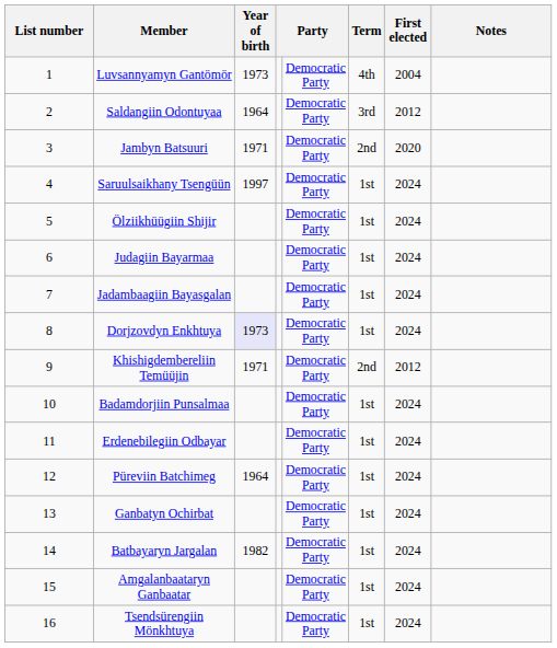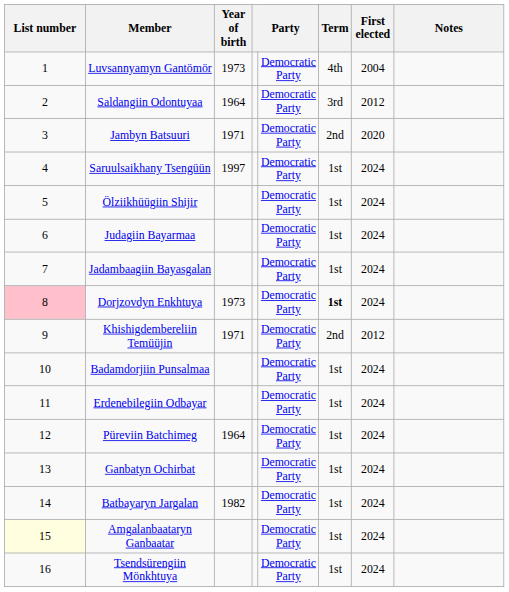 <table class="wikitable sortable" style="font-size:90%; text-align:center">
 <tr>
 <th scope="col" style="width:150px;">List number</th>
 <th scope="col" style="width:200px;">Member</th>
 <th scope="col" style="width:50px;">Year of birth</th>
 <th colspan="2" scope="col" style="width:200px;">Party</th>
 <th scope="col" style="width:20px;">Term</th>
 <th scope="col" style="width:50px;">First elected</th>
 <th scope="col" style="width:250px;" class="unsortable">Notes</th>
 </tr>
 <tr>
 <td>1</td>
 <td><a href='#'>Luvsannyamyn Gantömör</a></td>
 <td>1973</td>
 <td scope="row" width="1" style="background-color:"></td>
 <td><a href='#'>Democratic Party</a></td>
 <td>4th</td>
 <td>2004</td>
 <td></td>
 </tr>
 <tr>
 <td>2</td>
 <td><a href='#'>Saldangiin Odontuyaa</a></td>
 <td>1964</td>
 <td scope="row" width="1" style="background-color:"></td>
 <td><a href='#'>Democratic Party</a></td>
 <td>3rd</td>
 <td>2012</td>
 <td></td>
 </tr>
 <tr>
 <td>3</td>
 <td><a href='#'>Jambyn Batsuuri</a></td>
 <td>1971</td>
 <td scope="row" width="1" style="background-color:"></td>
 <td><a href='#'>Democratic Party</a></td>
 <td>2nd</td>
 <td>2020</td>
 <td></td>
 </tr>
 <tr>
 <td>4</td>
 <td><a href='#'>Saruulsaikhany Tsengüün</a></td>
 <td>1997</td>
 <td scope="row" width="1" style="background-color:"></td>
 <td><a href='#'>Democratic Party</a></td>
 <td>1st</td>
 <td>2024</td>
 <td></td>
 </tr>
 <tr>
 <td>5</td>
 <td><a href='#'>Ölziikhüügiin Shijir</a></td>
 <td></td>
 <td scope="row" width="1" style="background-color:"></td>
 <td><a href='#'>Democratic Party</a></td>
 <td>1st</td>
 <td>2024</td>
 <td></td>
 </tr>
 <tr>
 <td>6</td>
 <td><a href='#'>Judagiin Bayarmaa</a></td>
 <td></td>
 <td scope="row" width="1" style="background-color:"></td>
 <td><a href='#'>Democratic Party</a></td>
 <td>1st</td>
 <td>2024</td>
 <td></td>
 </tr>
 <tr>
 <td>7</td>
 <td><a href='#'>Jadambaagiin Bayasgalan</a></td>
 <td></td>
 <td scope="row" width="1" style="background-color:"></td>
 <td><a href='#'>Democratic Party</a></td>
 <td>1st</td>
 <td>2024</td>
 <td></td>
 </tr>
 <tr>
-<td>8</td>
+<td style="background: pink;">8</td>
 <td><a href='#'>Dorjzovdyn Enkhtuya</a></td>
-<td style="background: lavender;">1973</td>
+<td>1973</td>
 <td scope="row" width="1" style="background-color:"></td>
 <td><a href='#'>Democratic Party</a></td>
-<td>1st</td>
+<td><strong>1st</strong></td>
 <td>2024</td>
 <td></td>
 </tr>
 <tr>
 <td>9</td>
 <td><a href='#'>Khishigdembereliin Temüüjin</a></td>
 <td>1971</td>
 <td scope="row" width="1" style="background-color:"></td>
 <td><a href='#'>Democratic Party</a></td>
 <td>2nd</td>
 <td>2012</td>
 <td></td>
 </tr>
 <tr>
 <td>10</td>
 <td><a href='#'>Badamdorjiin Punsalmaa</a></td>
 <td></td>
 <td scope="row" width="1" style="background-color:"></td>
 <td><a href='#'>Democratic Party</a></td>
 <td>1st</td>
 <td>2024</td>
 <td></td>
 </tr>
 <tr>
 <td>11</td>
 <td><a href='#'>Erdenebilegiin Odbayar</a></td>
 <td></td>
 <td scope="row" width="1" style="background-color:"></td>
 <td><a href='#'>Democratic Party</a></td>
 <td>1st</td>
 <td>2024</td>
 <td></td>
 </tr>
 <tr>
 <td>12</td>
 <td><a href='#'>Püreviin Batchimeg</a></td>
 <td>1964</td>
 <td scope="row" width="1" style="background-color:"></td>
 <td><a href='#'>Democratic Party</a></td>
 <td>1st</td>
 <td>2024</td>
 <td></td>
 </tr>
 <tr>
 <td>13</td>
 <td><a href='#'>Ganbatyn Ochirbat</a></td>
 <td></td>
 <td scope="row" width="1" style="background-color:"></td>
 <td><a href='#'>Democratic Party</a></td>
 <td>1st</td>
 <td>2024</td>
 <td></td>
 </tr>
 <tr>
 <td>14</td>
 <td><a href='#'>Batbayaryn Jargalan</a></td>
 <td>1982</td>
 <td scope="row" width="1" style="background-color:"></td>
 <td><a href='#'>Democratic Party</a></td>
 <td>1st</td>
 <td>2024</td>
 <td></td>
 </tr>
 <tr>
-<td>15</td>
+<td style="background: lightyellow;">15</td>
 <td><a href='#'>Amgalanbaataryn Ganbaatar</a></td>
 <td></td>
 <td scope="row" width="1" style="background-color:"></td>
 <td><a href='#'>Democratic Party</a></td>
 <td>1st</td>
 <td>2024</td>
 <td></td>
 </tr>
 <tr>
 <td>16</td>
 <td><a href='#'>Tsendsürengiin Mönkhtuya</a></td>
 <td></td>
 <td scope="row" width="1" style="background-color:"></td>
 <td><a href='#'>Democratic Party</a></td>
 <td>1st</td>
 <td>2024</td>
 <td></td>
 </tr>
 </table>
